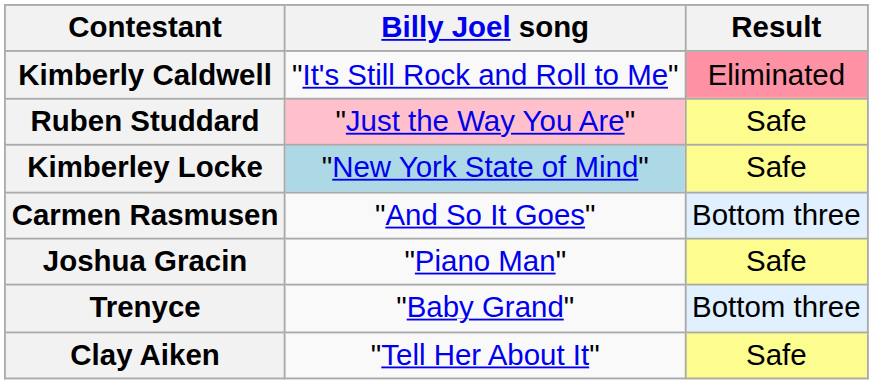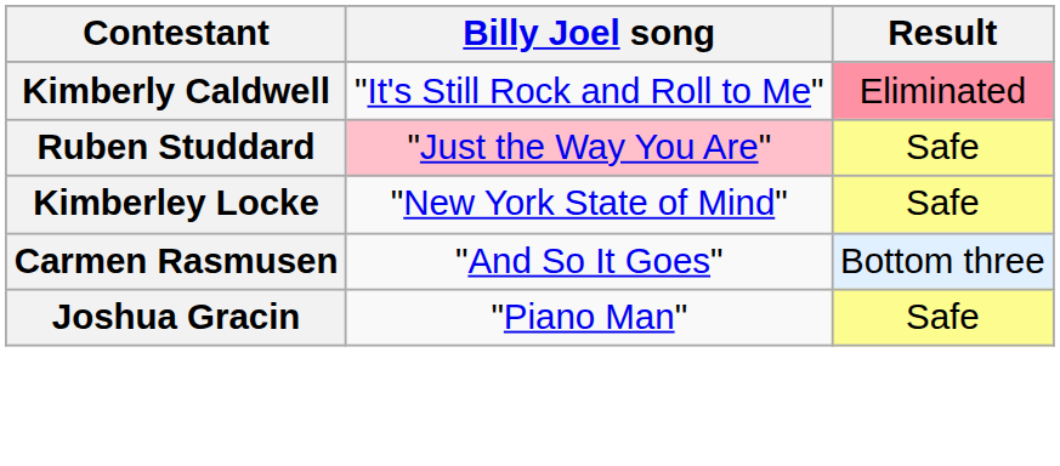 <table class="wikitable unsortable" style="text-align:center;">
 <tr>
 <th scope="col">Contestant</th>
 <th scope="col"><a href='#'>Billy Joel</a> song</th>
 <th scope="col">Result</th>
 </tr>
 <tr>
 <th scope="row">Kimberly Caldwell</th>
 <td>"<a href='#'>It's Still Rock and Roll to Me</a>"</td>
 <td bgcolor="FF91A4">Eliminated</td>
 </tr>
 <tr>
 <th scope="row">Ruben Studdard</th>
 <td style="background: pink;">"<a href='#'>Just the Way You Are</a>"</td>
 <td style="background:#FDFC8F;">Safe</td>
 </tr>
 <tr>
 <th scope="row">Kimberley Locke</th>
-<td style="background: lightblue;">"<a href='#'>New York State of Mind</a>"</td>
+<td>"<a href='#'>New York State of Mind</a>"</td>
 <td style="background:#FDFC8F;">Safe</td>
 </tr>
 <tr>
 <th scope="row">Carmen Rasmusen</th>
 <td>"<a href='#'>And So It Goes</a>"</td>
 <td style="background:#e0f0ff">Bottom three</td>
 </tr>
 <tr>
 <th scope="row">Joshua Gracin</th>
 <td>"<a href='#'>Piano Man</a>"</td>
 <td style="background:#FDFC8F;">Safe</td>
 </tr>
-<tr>
-<th scope="row">Trenyce</th>
-<td>"<a href='#'>Baby Grand</a>"</td>
-<td style="background:#e0f0ff">Bottom three</td>
-</tr>
-<tr>
-<th scope="row">Clay Aiken</th>
-<td>"<a href='#'>Tell Her About It</a>"</td>
-<td style="background:#FDFC8F;">Safe</td>
-</tr>
 </table>
